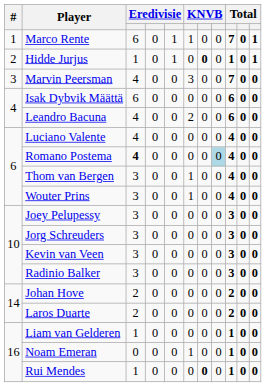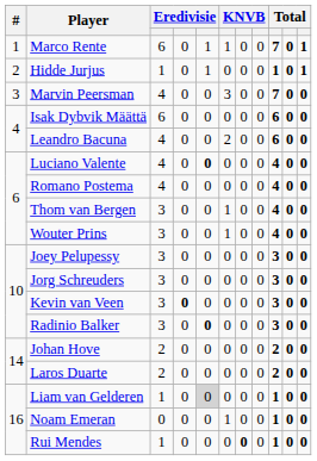 <table class="wikitable sortable" style="text-align:center">
 <tr>
 <th rowspan="2">#</th>
 <th rowspan="2">Player</th>
 <th colspan="3"><a href='#'>Eredivisie</a></th>
 <th colspan="3"><a href='#'>KNVB</a></th>
 <th colspan="3"><strong>Total</strong></th>
 </tr>
 <tr>
 <th></th>
 <th></th>
 <th></th>
 <th></th>
 <th></th>
 <th></th>
 <th></th>
 <th></th>
 <th></th>
 </tr>
 <tr>
 <td>1</td>
 <td align="left"> <a href='#'>Marco Rente</a></td>
 <td>6</td>
 <td>0</td>
 <td>1</td>
 <td>1</td>
 <td>0</td>
 <td>0</td>
 <td><strong>7</strong></td>
 <td><strong>0</strong></td>
 <td><strong>1</strong></td>
 </tr>
 <tr>
 <td>2</td>
 <td align="left"> <a href='#'>Hidde Jurjus</a></td>
 <td>1</td>
 <td>0</td>
 <td>1</td>
 <td>0</td>
-<td><strong>0</strong></td>
+<td>0</td>
 <td>0</td>
 <td><strong>1</strong></td>
 <td><strong>0</strong></td>
 <td><strong>1</strong></td>
 </tr>
 <tr>
 <td>3</td>
 <td align="left"> <a href='#'>Marvin Peersman</a></td>
 <td>4</td>
 <td>0</td>
 <td>0</td>
 <td>3</td>
 <td>0</td>
 <td>0</td>
 <td><strong>7</strong></td>
 <td><strong>0</strong></td>
 <td><strong>0</strong></td>
 </tr>
 <tr>
 <td rowspan=2>4</td>
 <td align="left"> <a href='#'>Isak Dybvik Määttä</a></td>
 <td>6</td>
 <td>0</td>
 <td>0</td>
 <td>0</td>
 <td>0</td>
 <td>0</td>
 <td><strong>6</strong></td>
 <td><strong>0</strong></td>
 <td><strong>0</strong></td>
 </tr>
 <tr>
 <td align="left"> <a href='#'>Leandro Bacuna</a></td>
 <td>4</td>
 <td>0</td>
 <td>0</td>
 <td>2</td>
 <td>0</td>
 <td>0</td>
 <td><strong>6</strong></td>
 <td><strong>0</strong></td>
 <td><strong>0</strong></td>
 </tr>
 <tr>
 <td rowspan=4>6</td>
 <td align="left"> <a href='#'>Luciano Valente</a></td>
 <td>4</td>
 <td>0</td>
-<td>0</td>
+<td><strong>0</strong></td>
 <td>0</td>
 <td>0</td>
 <td>0</td>
 <td><strong>4</strong></td>
 <td><strong>0</strong></td>
 <td><strong>0</strong></td>
 </tr>
 <tr>
 <td align="left"> <a href='#'>Romano Postema</a></td>
-<td><strong>4</strong></td>
+<td>4</td>
 <td>0</td>
 <td>0</td>
 <td>0</td>
 <td>0</td>
-<td style="background: lightblue;">0</td>
+<td>0</td>
 <td><strong>4</strong></td>
 <td><strong>0</strong></td>
 <td><strong>0</strong></td>
 </tr>
 <tr>
 <td align="left"> <a href='#'>Thom van Bergen</a></td>
 <td>3</td>
 <td>0</td>
 <td>0</td>
 <td>1</td>
 <td>0</td>
 <td>0</td>
 <td><strong>4</strong></td>
 <td><strong>0</strong></td>
 <td><strong>0</strong></td>
 </tr>
 <tr>
 <td align="left"> <a href='#'>Wouter Prins</a></td>
 <td>3</td>
 <td>0</td>
 <td>0</td>
 <td>1</td>
 <td>0</td>
 <td>0</td>
 <td><strong>4</strong></td>
 <td><strong>0</strong></td>
 <td><strong>0</strong></td>
 </tr>
 <tr>
 <td rowspan=4>10</td>
 <td align="left"> <a href='#'>Joey Pelupessy</a></td>
 <td>3</td>
 <td>0</td>
 <td>0</td>
 <td>0</td>
 <td>0</td>
 <td>0</td>
 <td><strong>3</strong></td>
 <td><strong>0</strong></td>
 <td><strong>0</strong></td>
 </tr>
 <tr>
 <td align="left"> <a href='#'>Jorg Schreuders</a></td>
 <td>3</td>
 <td>0</td>
 <td>0</td>
 <td>0</td>
 <td>0</td>
 <td>0</td>
 <td><strong>3</strong></td>
 <td><strong>0</strong></td>
 <td><strong>0</strong></td>
 </tr>
 <tr>
 <td align="left"> <a href='#'>Kevin van Veen</a></td>
 <td>3</td>
-<td>0</td>
+<td><strong>0</strong></td>
 <td>0</td>
 <td>0</td>
 <td>0</td>
 <td>0</td>
 <td><strong>3</strong></td>
 <td><strong>0</strong></td>
 <td><strong>0</strong></td>
 </tr>
 <tr>
 <td align="left"> <a href='#'>Radinio Balker</a></td>
 <td>3</td>
 <td>0</td>
-<td>0</td>
+<td><strong>0</strong></td>
 <td>0</td>
 <td>0</td>
 <td>0</td>
 <td><strong>3</strong></td>
 <td><strong>0</strong></td>
 <td><strong>0</strong></td>
 </tr>
 <tr>
 <td rowspan=2>14</td>
 <td align="left"> <a href='#'>Johan Hove</a></td>
 <td>2</td>
 <td>0</td>
 <td>0</td>
 <td>0</td>
 <td>0</td>
 <td>0</td>
 <td><strong>2</strong></td>
 <td><strong>0</strong></td>
 <td><strong>0</strong></td>
 </tr>
 <tr>
 <td align="left"> <a href='#'>Laros Duarte</a></td>
 <td>2</td>
 <td>0</td>
 <td>0</td>
 <td>0</td>
 <td>0</td>
 <td>0</td>
 <td><strong>2</strong></td>
 <td><strong>0</strong></td>
 <td><strong>0</strong></td>
 </tr>
 <tr>
 <td rowspan=3>16</td>
 <td align="left"> <a href='#'>Liam van Gelderen</a></td>
 <td>1</td>
 <td>0</td>
-<td>0</td>
+<td style="background: lightgrey;">0</td>
 <td>0</td>
 <td>0</td>
 <td>0</td>
 <td><strong>1</strong></td>
 <td><strong>0</strong></td>
 <td><strong>0</strong></td>
 </tr>
 <tr>
 <td align="left"> <a href='#'>Noam Emeran</a></td>
 <td>0</td>
 <td>0</td>
 <td>0</td>
 <td>1</td>
 <td>0</td>
 <td>0</td>
 <td><strong>1</strong></td>
 <td><strong>0</strong></td>
 <td><strong>0</strong></td>
 </tr>
 <tr>
 <td align="left"> <a href='#'>Rui Mendes</a></td>
 <td>1</td>
 <td>0</td>
 <td>0</td>
 <td>0</td>
 <td><strong>0</strong></td>
 <td>0</td>
 <td><strong>1</strong></td>
 <td><strong>0</strong></td>
 <td><strong>0</strong></td>
 </tr>
 </table>
